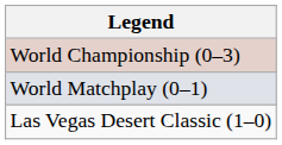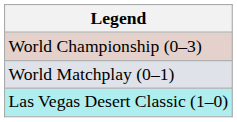 <table class="wikitable">
 <tr>
 <th>Legend</th>
 </tr>
 <tr style="background:#e5d1cb;">
 <td>World Championship (0–3)</td>
 </tr>
 <tr style="background:#dfe2e9;">
 <td>World Matchplay (0–1)</td>
 </tr>
 <tr>
-<td>Las Vegas Desert Classic (1–0)</td>
+<td style="background: paleturquoise;">Las Vegas Desert Classic (1–0)</td>
 </tr>
 </table>
